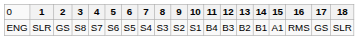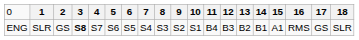 <table class="wikitable">
 <tr>
 <td>0</td>
 <th>1</th>
 <th>2</th>
 <th><strong>3</strong></th>
 <th>4</th>
 <th><strong>5</strong></th>
 <th>6</th>
 <th>7</th>
 <th>8</th>
 <th>9</th>
 <th>10</th>
 <th>11</th>
 <th>12</th>
 <th>13</th>
 <th>14</th>
 <th>15</th>
 <th>16</th>
 <th>17</th>
 <th>18</th>
 </tr>
 <tr>
 <td>ENG</td>
 <td>SLR</td>
 <td>GS</td>
-<td>S8</td>
+<td><strong>S8</strong></td>
 <td>S7</td>
 <td>S6</td>
 <td>S5</td>
 <td>S4</td>
 <td>S3</td>
 <td>S2</td>
 <td>S1</td>
 <td>B4</td>
 <td>B3</td>
 <td>B2</td>
 <td>B1</td>
 <td>A1</td>
 <td>RMS</td>
 <td>GS</td>
 <td>SLR</td>
 </tr>
 </table>
